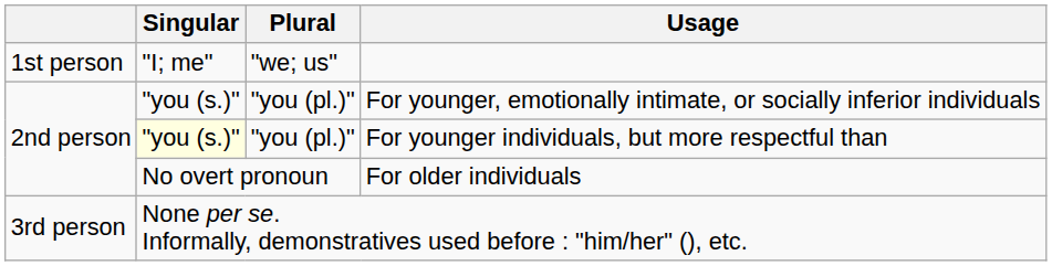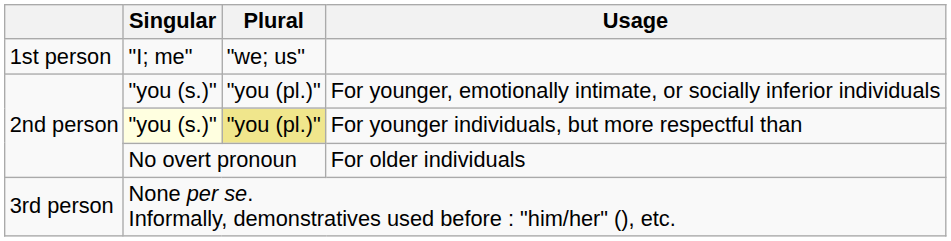 <table class="wikitable">
 <tr>
 <th></th>
 <th>Singular</th>
 <th>Plural</th>
 <th>Usage</th>
 </tr>
 <tr>
 <td>1st person</td>
 <td>        "I; me"</td>
 <td>      "we; us"</td>
 <td></td>
 </tr>
 <tr>
 <td rowspan="3">2nd person</td>
 <td>      "you (s.)"</td>
 <td>      "you (pl.)"</td>
 <td>For younger, emotionally intimate, or socially inferior individuals</td>
 </tr>
 <tr>
 <td style="background: lightyellow;">      "you (s.)"</td>
-<td>      "you (pl.)"</td>
+<td style="background: khaki;">      "you (pl.)"</td>
 <td>For younger individuals, but more respectful than </td>
 </tr>
 <tr>
 <td colspan="2">No overt pronoun</td>
 <td>For older individuals</td>
 </tr>
 <tr>
 <td>3rd person</td>
 <td colspan="3">None <em>per se</em>.<br>Informally, demonstratives used before  :   "him/her" (), etc.</td>
 </tr>
 </table>
